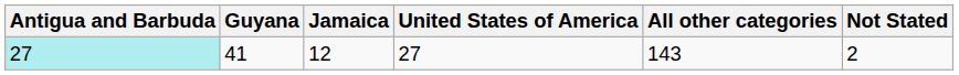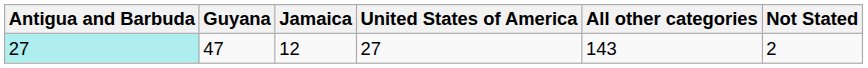 <table class="wikitable">
 <tr>
 <th>Antigua and Barbuda</th>
 <th>Guyana</th>
 <th>Jamaica</th>
 <th>United States of America</th>
 <th>All other categories</th>
 <th>Not Stated</th>
 </tr>
 <tr>
 <td style="background: paleturquoise;">27</td>
-<td>41</td>
+<td>47</td>
 <td>12</td>
 <td>27</td>
 <td>143</td>
 <td>2</td>
 </tr>
 </table>
